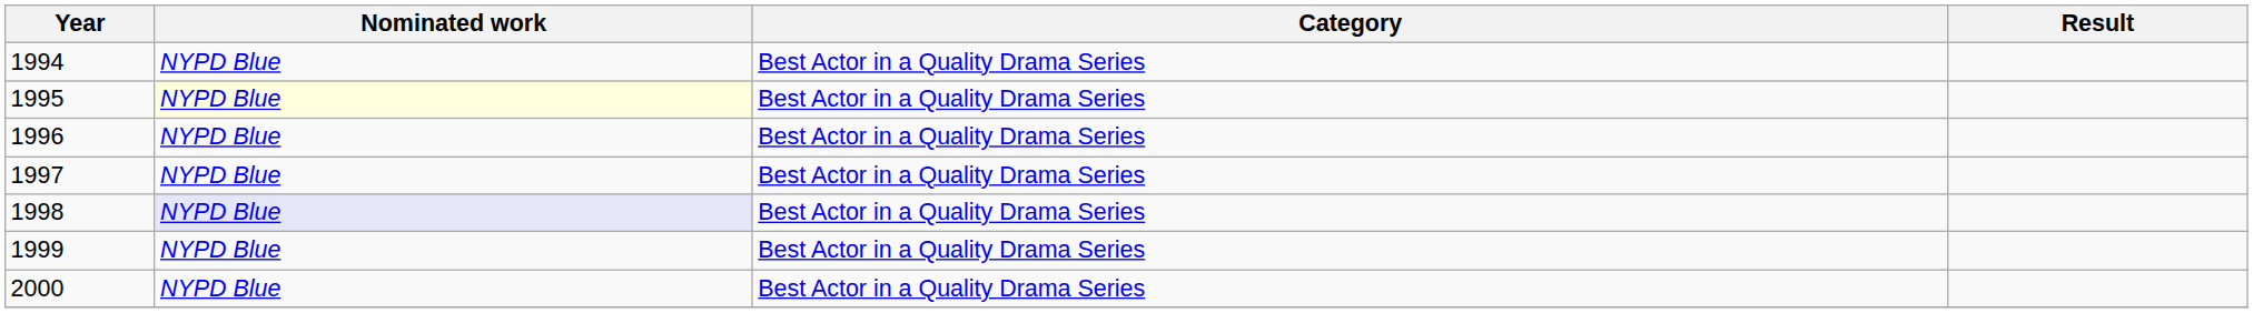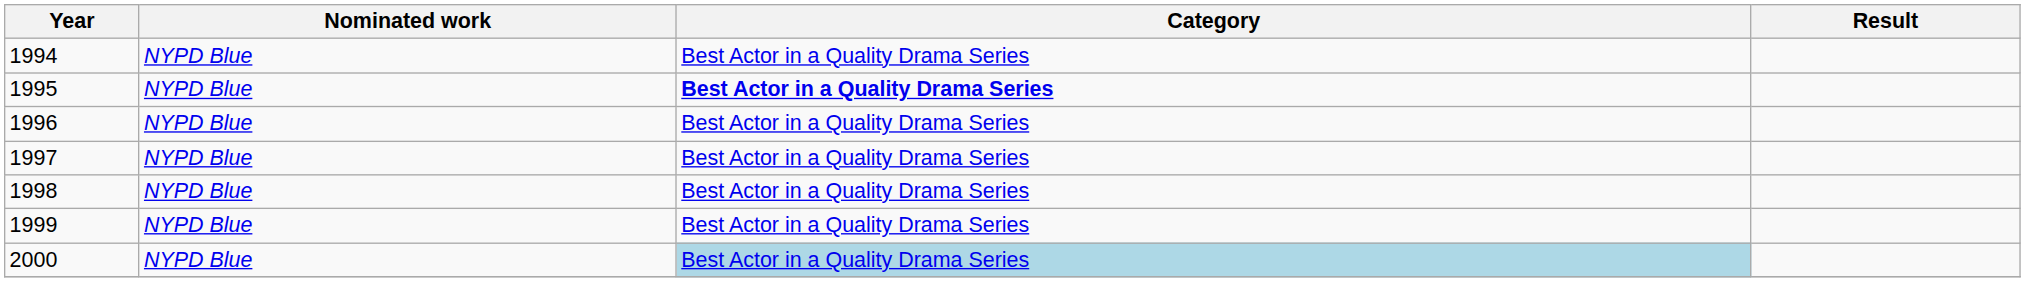 <table width="95%" class="wikitable sortable">
 <tr>
 <th width="5%">Year</th>
 <th width="20%">Nominated work</th>
 <th width="40%">Category</th>
 <th width="10%">Result</th>
 </tr>
 <tr>
 <td>1994</td>
 <td><em><a href='#'>NYPD Blue</a></em></td>
 <td><a href='#'>Best Actor in a Quality Drama Series</a></td>
 <td></td>
 </tr>
 <tr>
 <td>1995</td>
-<td style="background: lightyellow;"><em><a href='#'>NYPD Blue</a></em></td>
-<td><a href='#'>Best Actor in a Quality Drama Series</a></td>
+<td><em><a href='#'>NYPD Blue</a></em></td>
+<td><strong><a href='#'>Best Actor in a Quality Drama Series</a></strong></td>
 <td></td>
 </tr>
 <tr>
 <td>1996</td>
 <td><em><a href='#'>NYPD Blue</a></em></td>
 <td><a href='#'>Best Actor in a Quality Drama Series</a></td>
 <td></td>
 </tr>
 <tr>
 <td>1997</td>
 <td><em><a href='#'>NYPD Blue</a></em></td>
 <td><a href='#'>Best Actor in a Quality Drama Series</a></td>
 <td></td>
 </tr>
 <tr>
 <td>1998</td>
-<td style="background: lavender;"><em><a href='#'>NYPD Blue</a></em></td>
+<td><em><a href='#'>NYPD Blue</a></em></td>
 <td><a href='#'>Best Actor in a Quality Drama Series</a></td>
 <td></td>
 </tr>
 <tr>
 <td>1999</td>
 <td><em><a href='#'>NYPD Blue</a></em></td>
 <td><a href='#'>Best Actor in a Quality Drama Series</a></td>
 <td></td>
 </tr>
 <tr>
 <td>2000</td>
 <td><em><a href='#'>NYPD Blue</a></em></td>
-<td><a href='#'>Best Actor in a Quality Drama Series</a></td>
+<td style="background: lightblue;"><a href='#'>Best Actor in a Quality Drama Series</a></td>
 <td></td>
 </tr>
 <tr>
 </tr>
 </table>
